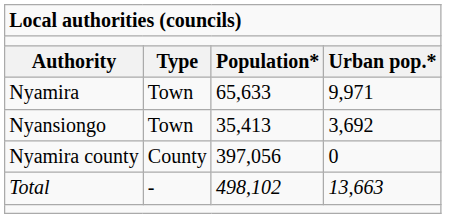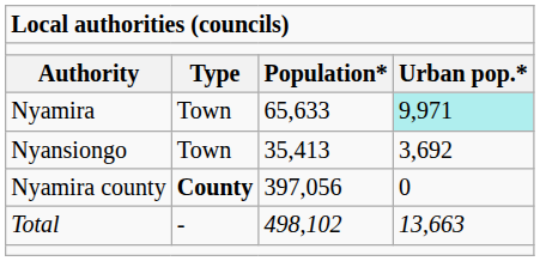 <table class="wikitable">
 <tr>
 <td colspan="4"><strong>Local authorities (councils)</strong></td>
 </tr>
 <tr>
 <td colspan="4"></td>
 </tr>
 <tr>
 <th>Authority</th>
 <th>Type</th>
 <th>Population*</th>
 <th>Urban pop.*</th>
 </tr>
 <tr>
 <td>Nyamira</td>
 <td>Town</td>
 <td>65,633</td>
-<td>9,971</td>
+<td style="background: paleturquoise;">9,971</td>
 </tr>
 <tr>
 <td>Nyansiongo</td>
 <td>Town</td>
 <td>35,413</td>
 <td>3,692</td>
 </tr>
 <tr>
 <td>Nyamira county</td>
-<td>County</td>
+<td><strong>County</strong></td>
 <td>397,056</td>
 <td>0</td>
 </tr>
 <tr>
 <td><em>Total</em></td>
 <td>-</td>
 <td><em>498,102</em></td>
 <td><em>13,663</em></td>
 </tr>
 <tr>
 <td colspan="4"></td>
 </tr>
 </table>
